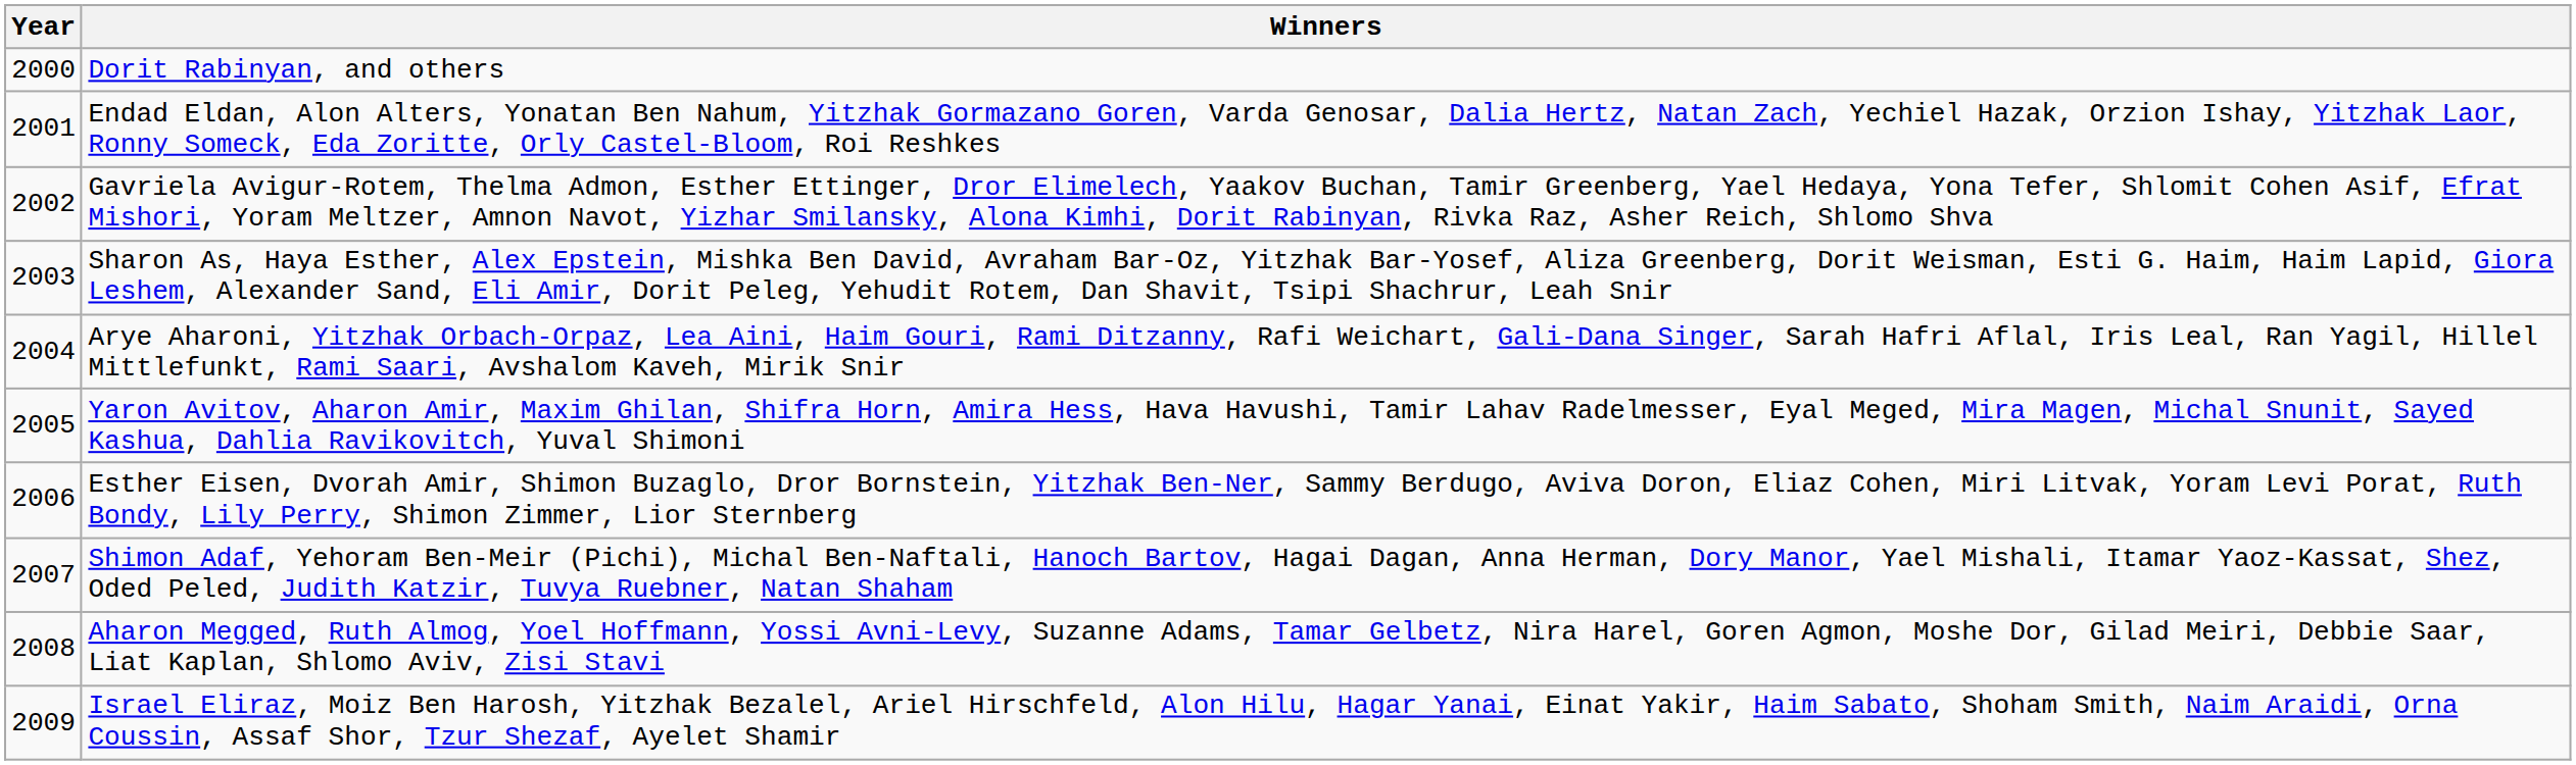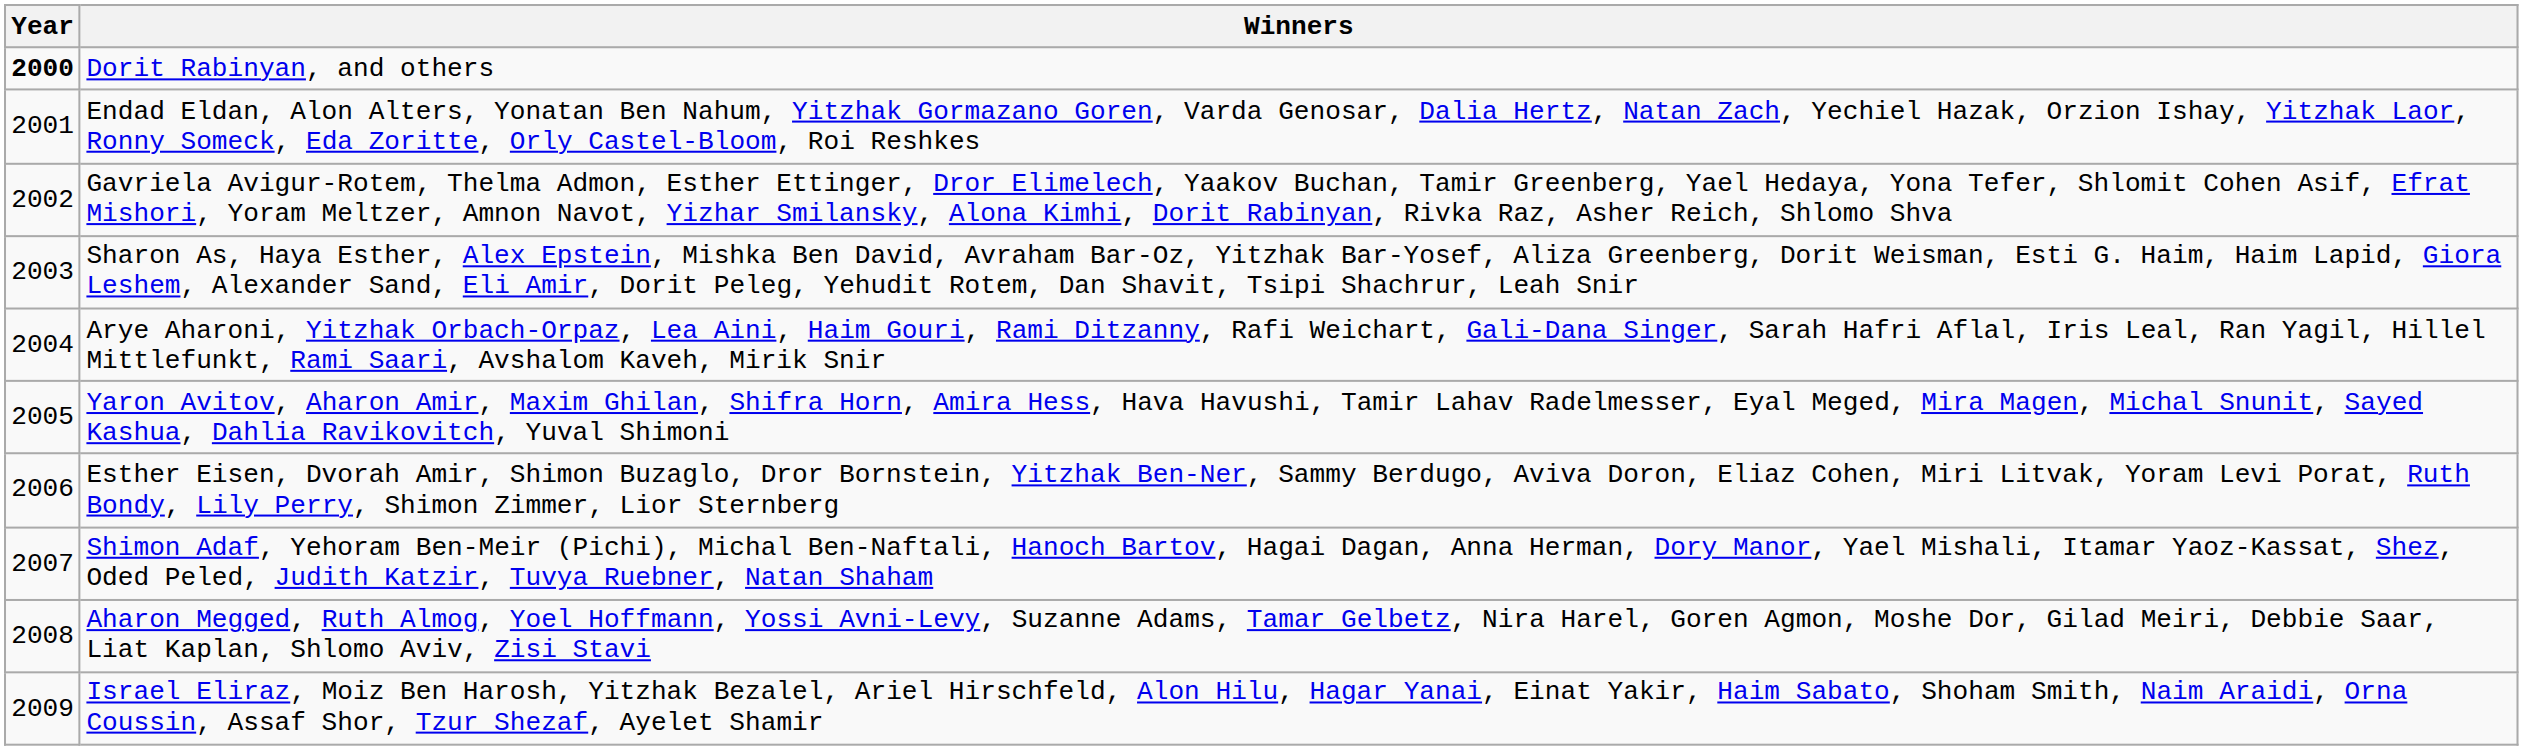 <table class="wikitable">
 <tr>
 <th>Year</th>
 <th>Winners</th>
 </tr>
 <tr>
-<td>2000</td>
+<td><strong>2000</strong></td>
 <td><a href='#'>Dorit Rabinyan</a>, and others</td>
 </tr>
 <tr>
 <td>2001</td>
 <td>Endad Eldan, Alon Alters, Yonatan Ben Nahum, <a href='#'>Yitzhak Gormazano Goren</a>, Varda Genosar, <a href='#'>Dalia Hertz</a>, <a href='#'>Natan Zach</a>, Yechiel Hazak, Orzion Ishay, <a href='#'>Yitzhak Laor</a>, <a href='#'>Ronny Someck</a>, <a href='#'>Eda Zoritte</a>, <a href='#'>Orly Castel-Bloom</a>, Roi Reshkes</td>
 </tr>
 <tr>
 <td>2002</td>
 <td>Gavriela Avigur-Rotem, Thelma Admon, Esther Ettinger, <a href='#'>Dror Elimelech</a>, Yaakov Buchan, Tamir Greenberg, Yael Hedaya, Yona Tefer, Shlomit Cohen Asif, <a href='#'>Efrat Mishori</a>, Yoram Meltzer, Amnon Navot, <a href='#'>Yizhar Smilansky</a>, <a href='#'>Alona Kimhi</a>, <a href='#'>Dorit Rabinyan</a>, Rivka Raz, Asher Reich, Shlomo Shva</td>
 </tr>
 <tr>
 <td>2003</td>
 <td>Sharon As, Haya Esther, <a href='#'>Alex Epstein</a>, Mishka Ben David, Avraham Bar-Oz, Yitzhak Bar-Yosef, Aliza Greenberg, Dorit Weisman, Esti G. Haim, Haim Lapid, <a href='#'>Giora Leshem</a>, Alexander Sand, <a href='#'>Eli Amir</a>, Dorit Peleg, Yehudit Rotem, Dan Shavit, Tsipi Shachrur, Leah Snir</td>
 </tr>
 <tr>
 <td>2004</td>
 <td>Arye Aharoni, <a href='#'>Yitzhak Orbach-Orpaz</a>, <a href='#'>Lea Aini</a>, <a href='#'>Haim Gouri</a>, <a href='#'>Rami Ditzanny</a>, Rafi Weichart, <a href='#'>Gali-Dana Singer</a>, Sarah Hafri Aflal, Iris Leal, Ran Yagil, Hillel Mittlefunkt, <a href='#'>Rami Saari</a>, Avshalom Kaveh, Mirik Snir</td>
 </tr>
 <tr>
 <td>2005</td>
 <td><a href='#'>Yaron Avitov</a>, <a href='#'>Aharon Amir</a>, <a href='#'>Maxim Ghilan</a>, <a href='#'>Shifra Horn</a>, <a href='#'>Amira Hess</a>, Hava Havushi, Tamir Lahav Radelmesser, Eyal Meged, <a href='#'>Mira Magen</a>, <a href='#'>Michal Snunit</a>, <a href='#'>Sayed Kashua</a>, <a href='#'>Dahlia Ravikovitch</a>, Yuval Shimoni</td>
 </tr>
 <tr>
 <td>2006</td>
 <td>Esther Eisen, Dvorah Amir, Shimon Buzaglo, Dror Bornstein, <a href='#'>Yitzhak Ben-Ner</a>, Sammy Berdugo, Aviva Doron, Eliaz Cohen, Miri Litvak, Yoram Levi Porat, <a href='#'>Ruth Bondy</a>, <a href='#'>Lily Perry</a>, Shimon Zimmer, Lior Sternberg</td>
 </tr>
 <tr>
 <td>2007</td>
 <td><a href='#'>Shimon Adaf</a>, Yehoram Ben-Meir (Pichi), Michal Ben-Naftali, <a href='#'>Hanoch Bartov</a>, Hagai Dagan, Anna Herman, <a href='#'>Dory Manor</a>, Yael Mishali, Itamar Yaoz-Kassat, <a href='#'>Shez</a>, Oded Peled, <a href='#'>Judith Katzir</a>, <a href='#'>Tuvya Ruebner</a>, <a href='#'>Natan Shaham</a></td>
 </tr>
 <tr>
 <td>2008</td>
 <td><a href='#'>Aharon Megged</a>, <a href='#'>Ruth Almog</a>, <a href='#'>Yoel Hoffmann</a>, <a href='#'>Yossi Avni-Levy</a>, Suzanne Adams, <a href='#'>Tamar Gelbetz</a>, Nira Harel, Goren Agmon, Moshe Dor, Gilad Meiri, Debbie Saar, Liat Kaplan, Shlomo Aviv, <a href='#'>Zisi Stavi</a></td>
 </tr>
 <tr>
 <td>2009</td>
 <td><a href='#'>Israel Eliraz</a>, Moiz Ben Harosh, Yitzhak Bezalel, Ariel Hirschfeld, <a href='#'>Alon Hilu</a>, <a href='#'>Hagar Yanai</a>, Einat Yakir, <a href='#'>Haim Sabato</a>, Shoham Smith, <a href='#'>Naim Araidi</a>, <a href='#'>Orna Coussin</a>, Assaf Shor, <a href='#'>Tzur Shezaf</a>, Ayelet Shamir</td>
 </tr>
 </table>
